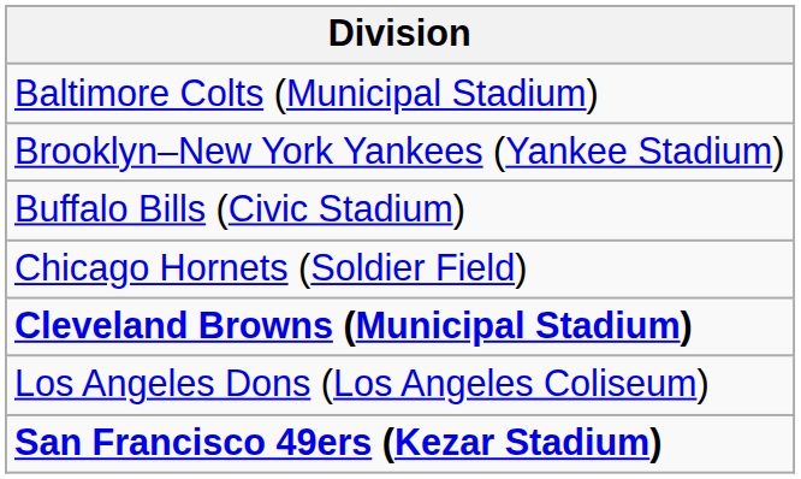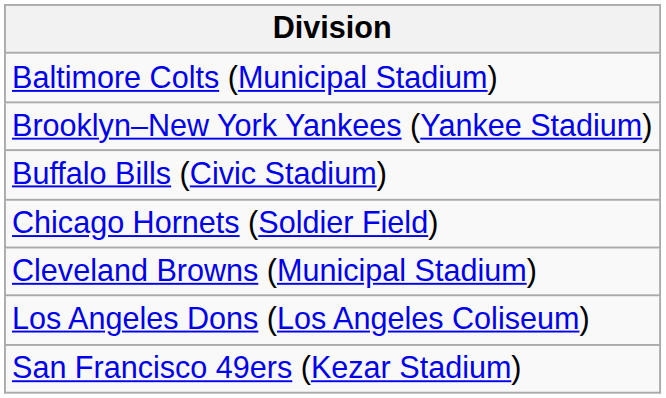 <table class="wikitable">
 <tr>
 <th>Division</th>
 </tr>
 <tr>
 <td><a href='#'>Baltimore Colts</a> (<a href='#'>Municipal Stadium</a>)</td>
 </tr>
 <tr>
 <td><a href='#'>Brooklyn–New York Yankees</a> (<a href='#'>Yankee Stadium</a>)</td>
 </tr>
 <tr>
 <td><a href='#'>Buffalo Bills</a> (<a href='#'>Civic Stadium</a>)</td>
 </tr>
 <tr>
 <td><a href='#'>Chicago Hornets</a> (<a href='#'>Soldier Field</a>)</td>
 </tr>
 <tr>
-<td><strong><a href='#'>Cleveland Browns</a> (<a href='#'>Municipal Stadium</a>)</strong></td>
+<td><a href='#'>Cleveland Browns</a> (<a href='#'>Municipal Stadium</a>)</td>
 </tr>
 <tr>
 <td><a href='#'>Los Angeles Dons</a> (<a href='#'>Los Angeles Coliseum</a>)</td>
 </tr>
 <tr>
-<td><strong><a href='#'>San Francisco 49ers</a> (<a href='#'>Kezar Stadium</a>)</strong></td>
+<td><a href='#'>San Francisco 49ers</a> (<a href='#'>Kezar Stadium</a>)</td>
 </tr>
 </table>
